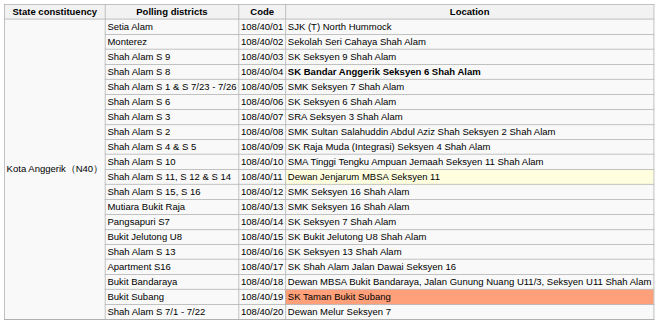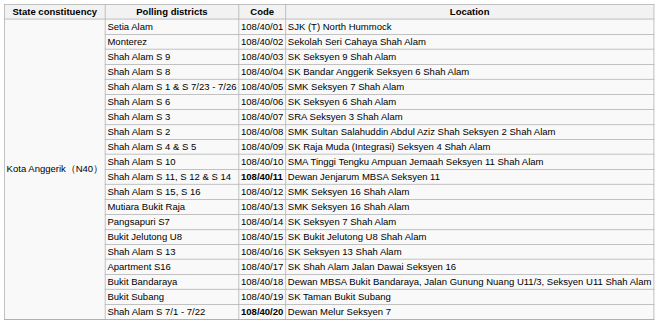 <table class="wikitable sortable mw-collapsible" style="white-space:nowrap;font-size:85%">
 <tr>
 <th>State constituency</th>
 <th>Polling districts</th>
 <th>Code</th>
 <th>Location</th>
 </tr>
 <tr>
 <td rowspan="20">Kota Anggerik（N40）</td>
 <td>Setia Alam</td>
 <td>108/40/01</td>
 <td>SJK (T) North Hummock</td>
 </tr>
 <tr>
 <td>Monterez</td>
 <td>108/40/02</td>
 <td>Sekolah Seri Cahaya Shah Alam</td>
 </tr>
 <tr>
 <td>Shah Alam S 9</td>
 <td>108/40/03</td>
 <td>SK Seksyen 9 Shah Alam</td>
 </tr>
 <tr>
 <td>Shah Alam S 8</td>
 <td>108/40/04</td>
-<td><strong>SK Bandar Anggerik Seksyen 6 Shah Alam</strong></td>
+<td>SK Bandar Anggerik Seksyen 6 Shah Alam</td>
 </tr>
 <tr>
 <td>Shah Alam S 1 & S 7/23 - 7/26</td>
 <td>108/40/05</td>
 <td>SMK Seksyen 7 Shah Alam</td>
 </tr>
 <tr>
 <td>Shah Alam S 6</td>
 <td>108/40/06</td>
 <td>SK Seksyen 6 Shah Alam</td>
 </tr>
 <tr>
 <td>Shah Alam S 3</td>
 <td>108/40/07</td>
 <td>SRA Seksyen 3 Shah Alam</td>
 </tr>
 <tr>
 <td>Shah Alam S 2</td>
 <td>108/40/08</td>
 <td>SMK Sultan Salahuddin Abdul Aziz Shah Seksyen 2 Shah Alam</td>
 </tr>
 <tr>
 <td>Shah Alam S 4 & S 5</td>
 <td>108/40/09</td>
 <td>SK Raja Muda (Integrasi) Seksyen 4 Shah Alam</td>
 </tr>
 <tr>
 <td>Shah Alam S 10</td>
 <td>108/40/10</td>
 <td>SMA Tinggi Tengku Ampuan Jemaah Seksyen 11 Shah Alam</td>
 </tr>
 <tr>
 <td>Shah Alam S 11, S 12 &  S 14</td>
-<td>108/40/11</td>
-<td style="background: lightyellow;">Dewan Jenjarum MBSA Seksyen 11</td>
+<td><strong>108/40/11</strong></td>
+<td>Dewan Jenjarum MBSA Seksyen 11</td>
 </tr>
 <tr>
 <td>Shah Alam S 15, S 16</td>
 <td>108/40/12</td>
 <td>SMK Seksyen 16 Shah Alam</td>
 </tr>
 <tr>
 <td>Mutiara Bukit Raja</td>
 <td>108/40/13</td>
 <td>SMK Seksyen 16 Shah Alam</td>
 </tr>
 <tr>
 <td>Pangsapuri S7</td>
 <td>108/40/14</td>
 <td>SK Seksyen 7 Shah Alam</td>
 </tr>
 <tr>
 <td>Bukit Jelutong U8</td>
 <td>108/40/15</td>
 <td>SK Bukit Jelutong U8 Shah Alam</td>
 </tr>
 <tr>
 <td>Shah Alam S 13</td>
 <td>108/40/16</td>
 <td>SK Seksyen 13 Shah Alam</td>
 </tr>
 <tr>
 <td>Apartment S16</td>
 <td>108/40/17</td>
 <td>SK Shah Alam Jalan Dawai Seksyen 16</td>
 </tr>
 <tr>
 <td>Bukit Bandaraya</td>
 <td>108/40/18</td>
 <td>Dewan MBSA Bukit Bandaraya, Jalan Gunung Nuang U11/3, Seksyen U11 Shah Alam</td>
 </tr>
 <tr>
 <td>Bukit Subang</td>
 <td>108/40/19</td>
-<td style="background: lightsalmon;">SK Taman Bukit Subang</td>
+<td>SK Taman Bukit Subang</td>
 </tr>
 <tr>
 <td>Shah Alam S 7/1 - 7/22</td>
-<td>108/40/20</td>
+<td><strong>108/40/20</strong></td>
 <td>Dewan Melur Seksyen 7</td>
 </tr>
 <tr>
 </tr>
 </table>
